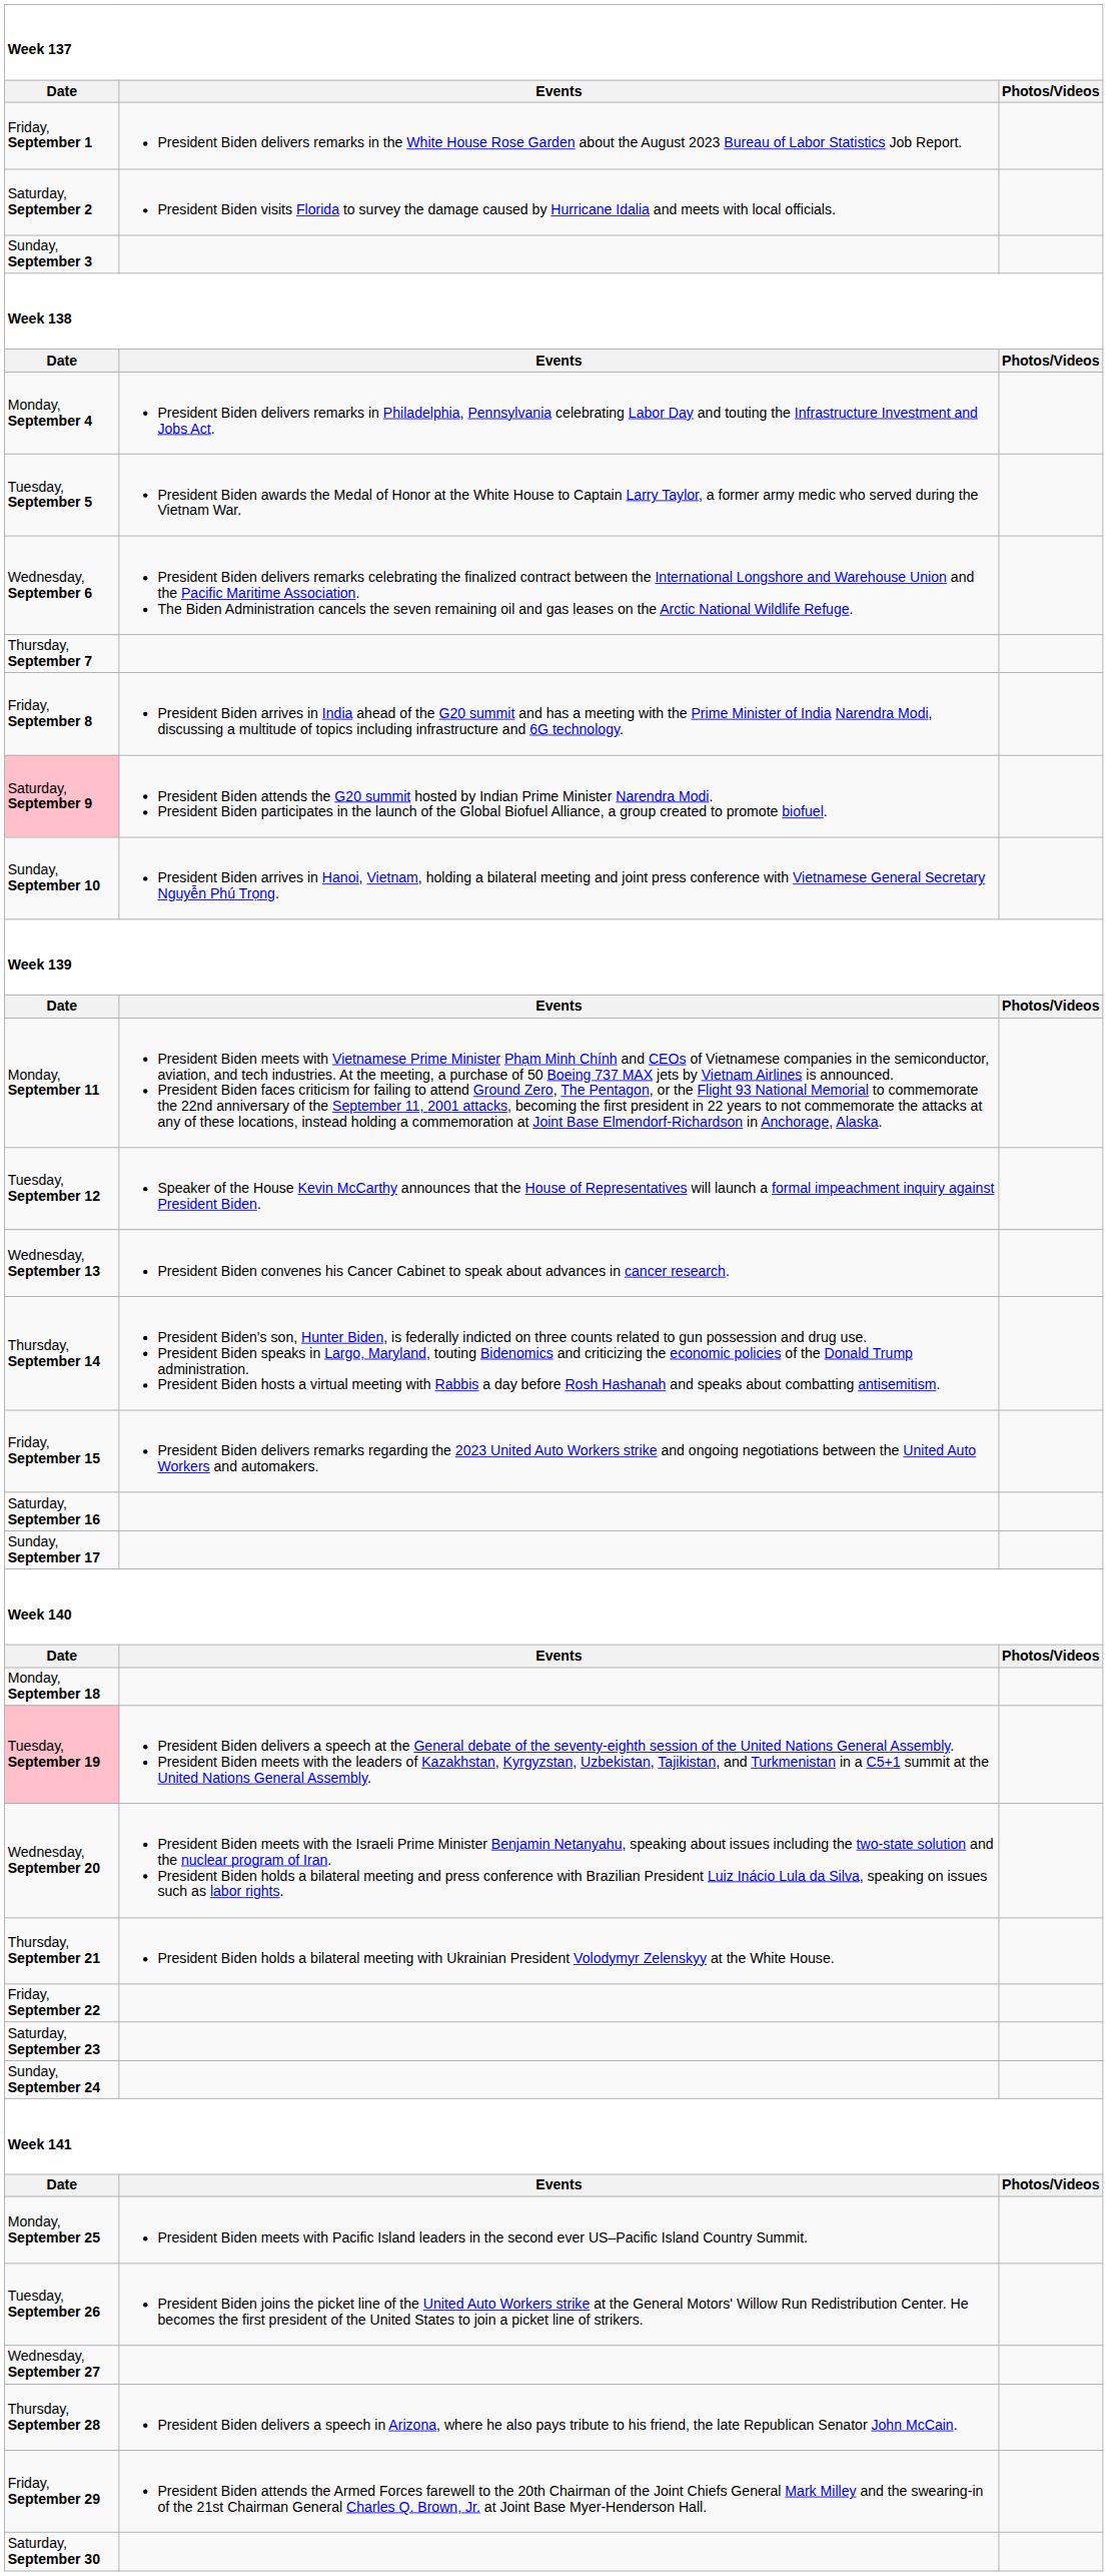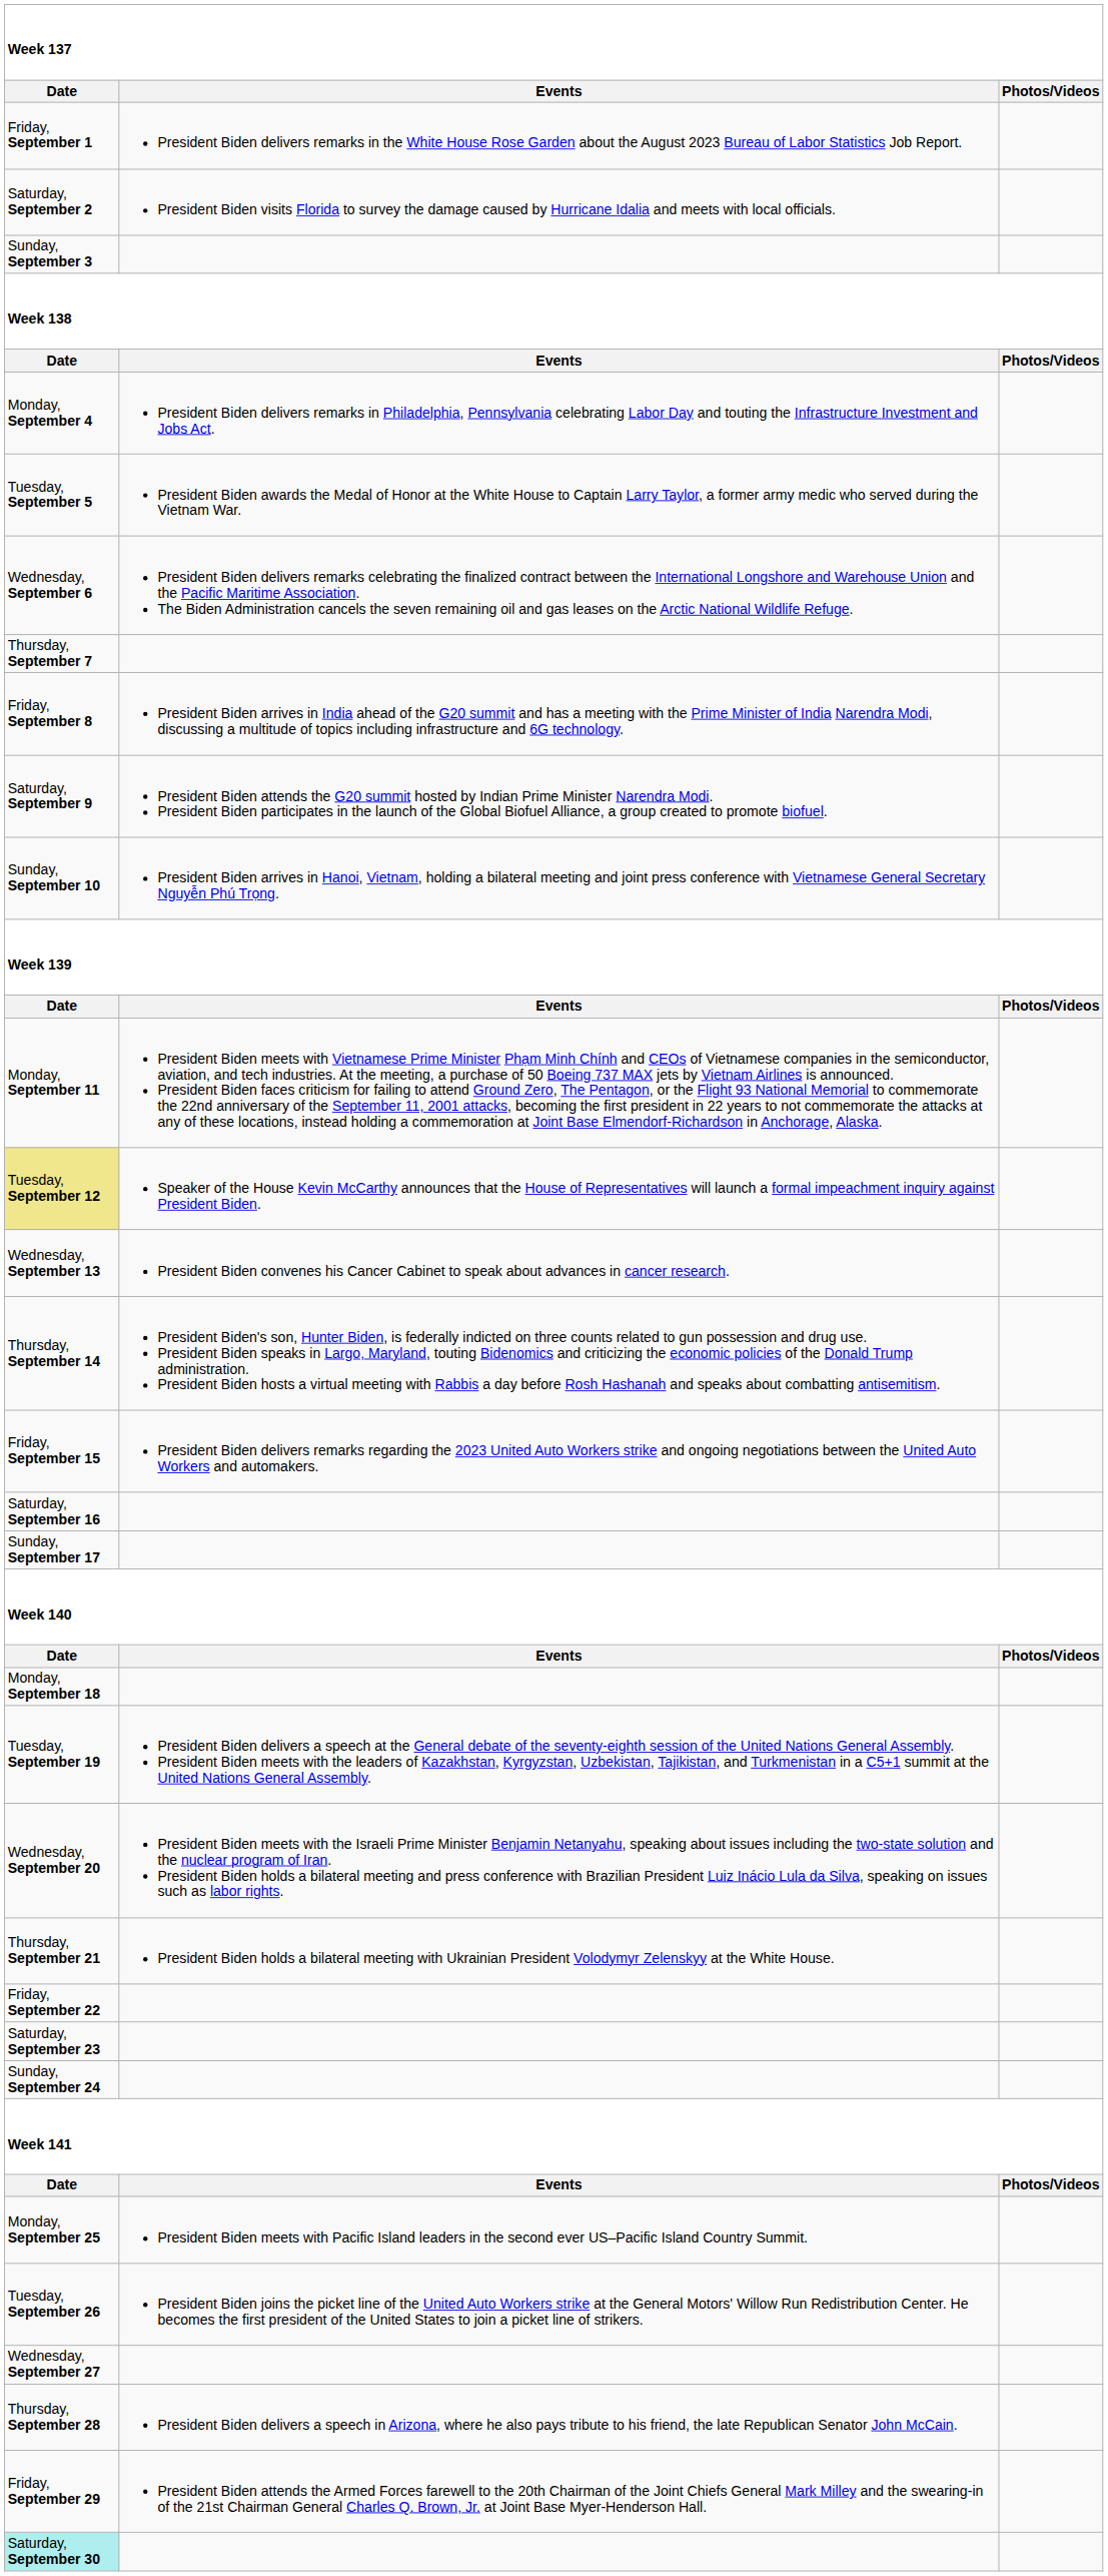 <table class="wikitable">
 <tr style="background:white;">
 <td colspan="3"><br><h4>Week 137</h4></td>
 </tr>
 <tr>
 <th>Date</th>
 <th>Events</th>
 <th>Photos/Videos</th>
 </tr>
 <tr>
 <td>Friday, <strong>September 1</strong></td>
 <td><br><ul><li>President Biden delivers remarks in the <a href='#'>White House Rose Garden</a> about the August 2023 <a href='#'>Bureau of Labor Statistics</a> Job Report.</li></ul></td>
 <td></td>
 </tr>
 <tr>
 <td>Saturday, <strong>September 2</strong></td>
 <td><br><ul><li>President Biden visits <a href='#'>Florida</a> to survey the damage caused by <a href='#'>Hurricane Idalia</a> and meets with local officials.</li></ul></td>
 <td></td>
 </tr>
 <tr>
 <td>Sunday, <strong>September 3</strong></td>
 <td></td>
 <td></td>
 </tr>
 <tr style="background:white;">
 <td colspan="3"><br><h4>Week 138</h4></td>
 </tr>
 <tr>
 <th>Date</th>
 <th>Events</th>
 <th>Photos/Videos</th>
 </tr>
 <tr>
 <td>Monday, <strong>September 4</strong></td>
 <td><br><ul><li>President Biden delivers remarks in <a href='#'>Philadelphia</a>, <a href='#'>Pennsylvania</a> celebrating <a href='#'>Labor Day</a> and touting the <a href='#'>Infrastructure Investment and Jobs Act</a>.</li></ul></td>
 <td></td>
 </tr>
 <tr>
 <td>Tuesday, <strong>September 5</strong></td>
 <td><br><ul><li>President Biden awards the Medal of Honor at the White House to Captain <a href='#'>Larry Taylor</a>, a former army medic who served during the Vietnam War.</li></ul></td>
 <td></td>
 </tr>
 <tr>
 <td>Wednesday, <strong>September 6</strong></td>
 <td><br><ul><li>President Biden delivers remarks celebrating the finalized contract between the <a href='#'>International Longshore and Warehouse Union</a> and the <a href='#'>Pacific Maritime Association</a>.</li><li>The Biden Administration cancels the seven remaining oil and gas leases on the <a href='#'>Arctic National Wildlife Refuge</a>.</li></ul></td>
 <td></td>
 </tr>
 <tr>
 <td>Thursday, <strong>September 7</strong></td>
 <td></td>
 <td></td>
 </tr>
 <tr>
 <td>Friday, <strong>September 8</strong></td>
 <td><br><ul><li>President Biden arrives in <a href='#'>India</a> ahead of the <a href='#'>G20 summit</a> and has a meeting with the <a href='#'>Prime Minister of India</a> <a href='#'>Narendra Modi</a>, discussing a multitude of topics including infrastructure and <a href='#'>6G technology</a>.</li></ul></td>
 <td></td>
 </tr>
 <tr>
-<td style="background: pink;">Saturday, <strong>September 9</strong></td>
+<td>Saturday, <strong>September 9</strong></td>
 <td><br><ul><li>President Biden attends the <a href='#'>G20 summit</a> hosted by Indian Prime Minister <a href='#'>Narendra Modi</a>.</li><li>President Biden participates in the launch of the Global Biofuel Alliance, a group created to promote <a href='#'>biofuel</a>.</li></ul></td>
 <td></td>
 </tr>
 <tr>
 <td>Sunday, <strong>September 10</strong></td>
 <td><br><ul><li>President Biden arrives in <a href='#'>Hanoi</a>, <a href='#'>Vietnam</a>, holding a bilateral meeting and joint press conference with <a href='#'>Vietnamese General Secretary</a> <a href='#'>Nguyễn Phú Trọng</a>.</li></ul></td>
 <td></td>
 </tr>
 <tr style="background:white;">
 <td colspan="3"><br><h4>Week 139</h4></td>
 </tr>
 <tr>
 <th>Date</th>
 <th>Events</th>
 <th>Photos/Videos</th>
 </tr>
 <tr>
 <td>Monday, <strong>September 11</strong></td>
 <td><br><ul><li>President Biden meets with <a href='#'>Vietnamese Prime Minister</a> <a href='#'>Phạm Minh Chính</a> and <a href='#'>CEOs</a> of Vietnamese companies in the semiconductor, aviation, and tech industries. At the meeting, a purchase of 50 <a href='#'>Boeing 737 MAX</a> jets by <a href='#'>Vietnam Airlines</a> is announced.</li><li>President Biden faces criticism for failing to attend <a href='#'>Ground Zero</a>, <a href='#'>The Pentagon</a>, or the <a href='#'>Flight 93 National Memorial</a> to commemorate the 22nd anniversary of the <a href='#'>September 11, 2001 attacks</a>, becoming the first president in 22 years to not commemorate the attacks at any of these locations, instead holding a commemoration at <a href='#'>Joint Base Elmendorf-Richardson</a> in <a href='#'>Anchorage</a>, <a href='#'>Alaska</a>.</li></ul></td>
 <td><br></td>
 </tr>
 <tr>
-<td>Tuesday, <strong>September 12</strong></td>
+<td style="background: khaki;">Tuesday, <strong>September 12</strong></td>
 <td><br><ul><li>Speaker of the House <a href='#'>Kevin McCarthy</a> announces that the <a href='#'>House of Representatives</a> will launch a <a href='#'>formal impeachment inquiry against President Biden</a>.</li></ul></td>
 <td></td>
 </tr>
 <tr>
 <td>Wednesday, <strong>September 13</strong></td>
 <td><br><ul><li>President Biden convenes his Cancer Cabinet to speak about advances in <a href='#'>cancer research</a>.</li></ul></td>
 <td></td>
 </tr>
 <tr>
 <td>Thursday, <strong>September 14</strong></td>
 <td><br><ul><li>President Biden's son, <a href='#'>Hunter Biden</a>, is federally indicted on three counts related to gun possession and drug use.</li><li>President Biden speaks in <a href='#'>Largo, Maryland</a>, touting <a href='#'>Bidenomics</a> and criticizing the <a href='#'>economic policies</a> of the <a href='#'>Donald Trump</a> administration.</li><li>President Biden hosts a virtual meeting with <a href='#'>Rabbis</a> a day before <a href='#'>Rosh Hashanah</a> and speaks about combatting <a href='#'>antisemitism</a>.</li></ul></td>
 <td></td>
 </tr>
 <tr>
 <td>Friday, <strong>September 15</strong></td>
 <td><br><ul><li>President Biden delivers remarks regarding the <a href='#'>2023 United Auto Workers strike</a> and ongoing negotiations between the <a href='#'>United Auto Workers</a> and automakers.</li></ul></td>
 <td></td>
 </tr>
 <tr>
 <td>Saturday, <strong>September 16</strong></td>
 <td></td>
 <td></td>
 </tr>
 <tr>
 <td>Sunday, <strong>September 17</strong></td>
 <td></td>
 <td></td>
 </tr>
 <tr style="background:white;">
 <td colspan="3"><br><h4>Week 140</h4></td>
 </tr>
 <tr>
 <th>Date</th>
 <th>Events</th>
 <th>Photos/Videos</th>
 </tr>
 <tr>
 <td>Monday, <strong>September 18</strong></td>
 <td></td>
 <td></td>
 </tr>
 <tr>
-<td style="background: pink;">Tuesday, <strong>September 19</strong></td>
+<td>Tuesday, <strong>September 19</strong></td>
 <td><br><ul><li>President Biden delivers a speech at the <a href='#'>General debate of the seventy-eighth session of the United Nations General Assembly</a>.</li><li>President Biden meets with the leaders of <a href='#'>Kazakhstan</a>, <a href='#'>Kyrgyzstan</a>, <a href='#'>Uzbekistan</a>, <a href='#'>Tajikistan</a>, and <a href='#'>Turkmenistan</a> in a <a href='#'>C5+1</a> summit at the <a href='#'>United Nations General Assembly</a>.</li></ul></td>
 <td><br></td>
 </tr>
 <tr>
 <td>Wednesday, <strong>September 20</strong></td>
 <td><br><ul><li>President Biden meets with the Israeli Prime Minister <a href='#'>Benjamin Netanyahu</a>, speaking about issues including the <a href='#'>two-state solution</a> and the <a href='#'>nuclear program of Iran</a>.</li><li>President Biden holds a bilateral meeting and press conference with Brazilian President <a href='#'>Luiz Inácio Lula da Silva</a>, speaking on issues such as <a href='#'>labor rights</a>.</li></ul></td>
 <td></td>
 </tr>
 <tr>
 <td>Thursday, <strong>September 21</strong></td>
 <td><br><ul><li>President Biden holds a bilateral meeting with Ukrainian President <a href='#'>Volodymyr Zelenskyy</a> at the White House.</li></ul></td>
 <td></td>
 </tr>
 <tr>
 <td>Friday, <strong>September 22</strong></td>
 <td></td>
 <td></td>
 </tr>
 <tr>
 <td>Saturday, <strong>September 23</strong></td>
 <td></td>
 <td></td>
 </tr>
 <tr>
 <td>Sunday, <strong>September 24</strong></td>
 <td></td>
 <td></td>
 </tr>
 <tr style="background:white;">
 <td colspan="3"><br><h4>Week 141</h4></td>
 </tr>
 <tr>
 <th>Date</th>
 <th>Events</th>
 <th>Photos/Videos</th>
 </tr>
 <tr>
 <td>Monday, <strong>September 25</strong></td>
 <td><br><ul><li>President Biden meets with Pacific Island leaders in the second ever US–Pacific Island Country Summit.</li></ul></td>
 <td></td>
 </tr>
 <tr>
 <td>Tuesday, <strong>September 26</strong></td>
 <td><br><ul><li>President Biden joins the picket line of the <a href='#'>United Auto Workers strike</a> at the General Motors' Willow Run Redistribution Center. He becomes the first president of the United States to join a picket line of strikers.</li></ul></td>
 <td></td>
 </tr>
 <tr>
 <td>Wednesday, <strong>September 27</strong></td>
 <td></td>
 <td></td>
 </tr>
 <tr>
 <td>Thursday, <strong>September 28</strong></td>
 <td><br><ul><li>President Biden delivers a speech in <a href='#'>Arizona</a>, where he also pays tribute to his friend, the late Republican Senator <a href='#'>John McCain</a>.</li></ul></td>
 <td></td>
 </tr>
 <tr>
 <td>Friday, <strong>September 29</strong></td>
 <td><br><ul><li>President Biden attends the Armed Forces farewell to the 20th Chairman of the Joint Chiefs General <a href='#'>Mark Milley</a> and the swearing-in of the 21st Chairman General <a href='#'>Charles Q. Brown, Jr.</a> at Joint Base Myer-Henderson Hall.</li></ul></td>
 <td></td>
 </tr>
 <tr>
-<td>Saturday, <strong>September 30</strong></td>
+<td style="background: paleturquoise;">Saturday, <strong>September 30</strong></td>
 <td></td>
 <td></td>
 </tr>
 </table>
